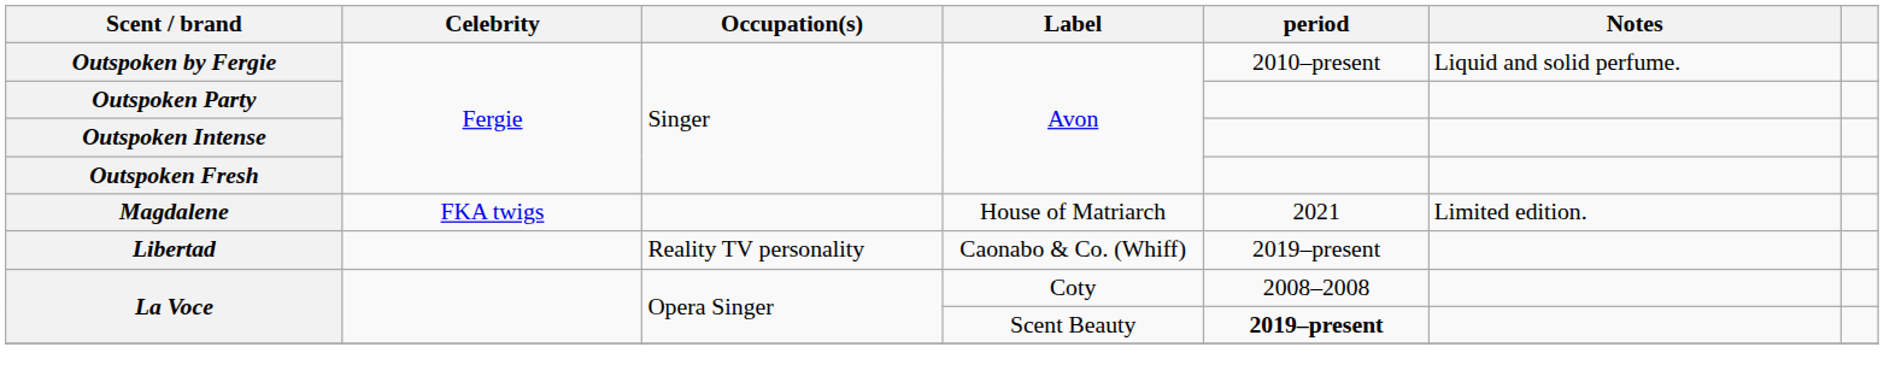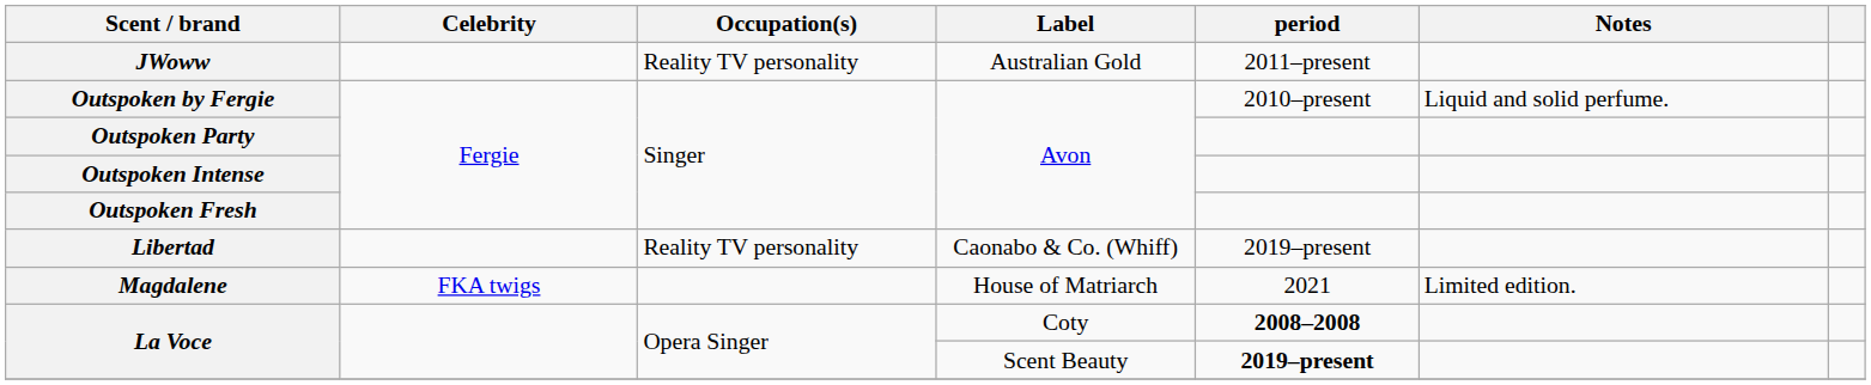 <table class="wikitable sortable plainrowheaders" font-size:95%; style="text-align:center;" width="100%;">
 <tr>
 <th scope="col" width="18%">Scent / brand</th>
 <th scope="col" width:"16%">Celebrity</th>
 <th scope="col" width="16%">Occupation(s)</th>
 <th scope="col" width="14%">Label</th>
 <th scope="col" width="12%"> period</th>
 <th scope="col" width="22%;" class="unsortable">Notes</th>
 <th scope="col" width="2%;" class="unsortable"></th>
+</tr>
+<tr>
+<th scope="row"><em>JWoww</em></th>
+<td></td>
+<td style="text-align:left;">Reality TV personality</td>
+<td>Australian Gold</td>
+<td>2011–present</td>
+<td style="text-align:left;"></td>
+<td></td>
 </tr>
 <tr>
 <th scope="row"><em>Outspoken by Fergie</em></th>
 <td rowspan="4"><a href='#'>Fergie</a></td>
 <td rowspan="4" style="text-align:left;">Singer</td>
 <td rowspan="4"><a href='#'>Avon</a></td>
 <td>2010–present</td>
 <td style="text-align:left;">Liquid and solid perfume.</td>
 <td></td>
 </tr>
 <tr>
 <th scope="row"><em>Outspoken Party</em></th>
 <td></td>
 <td style="text-align:left;"></td>
 <td></td>
 </tr>
 <tr>
 <th scope="row"><em>Outspoken Intense</em></th>
 <td></td>
 <td style="text-align:left;"></td>
 <td></td>
 </tr>
 <tr>
 <th scope="row"><em>Outspoken Fresh</em></th>
 <td></td>
 <td style="text-align:left;"></td>
 <td></td>
 </tr>
 <tr>
+<th scope="row"><em>Libertad</em></th>
+<td></td>
+<td style="text-align:left;">Reality TV personality</td>
+<td>Caonabo & Co. (Whiff)</td>
+<td>2019–present</td>
+<td style="text-align:left;"></td>
+<td></td>
+</tr>
+<tr>
 <th scope="row"><em>Magdalene</em></th>
 <td><a href='#'>FKA twigs</a></td>
 <td></td>
 <td>House of Matriarch</td>
 <td>2021</td>
 <td style="text-align:left;">Limited edition.</td>
 <td></td>
 </tr>
 <tr>
-<th scope="row"><em>Libertad</em></th>
-<td></td>
-<td style="text-align:left;">Reality TV personality</td>
-<td>Caonabo & Co. (Whiff)</td>
-<td>2019–present</td>
-<td style="text-align:left;"></td>
-<td></td>
-</tr>
-<tr>
 <th scope="row" rowspan="2"><em>La Voce</em></th>
 <td rowspan="2"></td>
 <td rowspan="2" style="text-align:left;">Opera Singer</td>
 <td>Coty</td>
-<td>2008–2008</td>
+<td><strong>2008–2008</strong></td>
 <td style="text-align:left;"></td>
 <td></td>
 </tr>
 <tr>
 <td>Scent Beauty</td>
 <td><strong>2019–present</strong></td>
 <td style="text-align:left;"></td>
 <td></td>
 </tr>
 <tr>
 </tr>
 </table>
